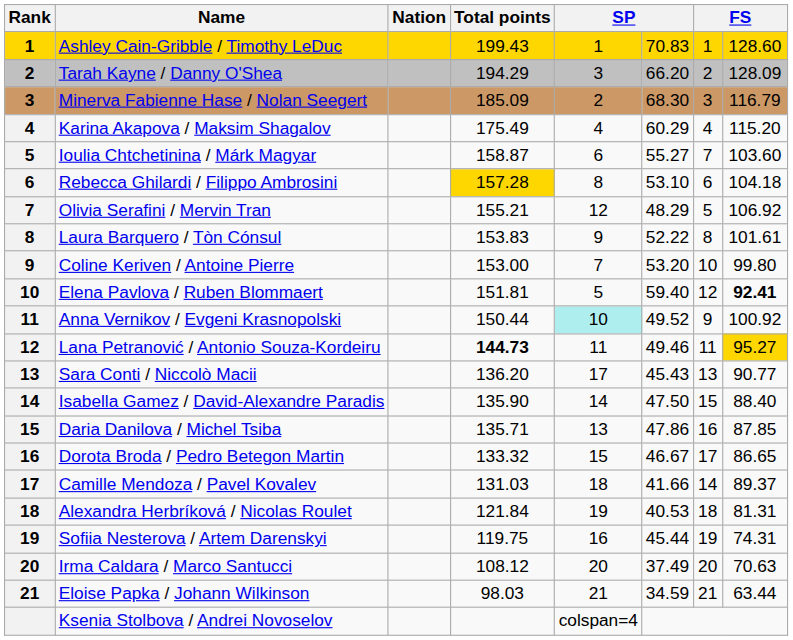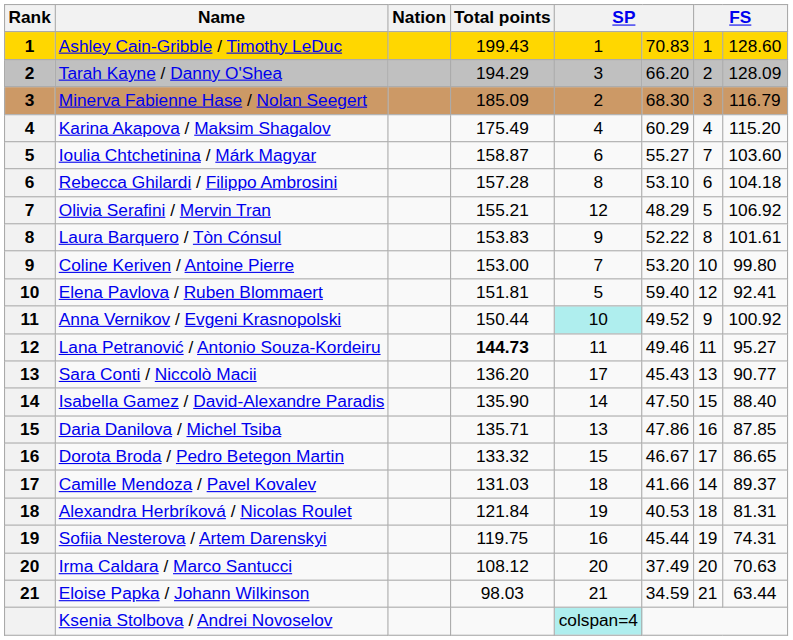 <table class="wikitable sortable">
 <tr>
 <th>Rank</th>
 <th>Name</th>
 <th>Nation</th>
 <th>Total points</th>
 <th colspan="2" width="80px"><a href='#'>SP</a></th>
 <th colspan="2" width="80px"><a href='#'>FS</a></th>
 </tr>
 <tr bgcolor="gold">
 <td align="center"><strong>1</strong></td>
 <td><a href='#'>Ashley Cain-Gribble</a> / <a href='#'>Timothy LeDuc</a></td>
 <td></td>
 <td align="center">199.43</td>
 <td align="center">1</td>
 <td align="center">70.83</td>
 <td align="center">1</td>
 <td align="center">128.60</td>
 </tr>
 <tr bgcolor="silver">
 <td align="center"><strong>2</strong></td>
 <td><a href='#'>Tarah Kayne</a> / <a href='#'>Danny O'Shea</a></td>
 <td></td>
 <td align="center">194.29</td>
 <td align="center">3</td>
 <td align="center">66.20</td>
 <td align="center">2</td>
 <td align="center">128.09</td>
 </tr>
 <tr bgcolor="cc9966">
 <td align="center"><strong>3</strong></td>
 <td><a href='#'>Minerva Fabienne Hase</a> / <a href='#'>Nolan Seegert</a></td>
 <td></td>
 <td align="center">185.09</td>
 <td align="center">2</td>
 <td align="center">68.30</td>
 <td align="center">3</td>
 <td align="center">116.79</td>
 </tr>
 <tr>
 <th>4</th>
 <td><a href='#'>Karina Akapova</a> / <a href='#'>Maksim Shagalov</a></td>
 <td></td>
 <td align="center">175.49</td>
 <td align="center">4</td>
 <td align="center">60.29</td>
 <td align="center">4</td>
 <td align="center">115.20</td>
 </tr>
 <tr>
 <th>5</th>
 <td><a href='#'>Ioulia Chtchetinina</a> / <a href='#'>Márk Magyar</a></td>
 <td></td>
 <td align="center">158.87</td>
 <td align="center">6</td>
 <td align="center">55.27</td>
 <td align="center">7</td>
 <td align="center">103.60</td>
 </tr>
 <tr>
 <th>6</th>
 <td><a href='#'>Rebecca Ghilardi</a> / <a href='#'>Filippo Ambrosini</a></td>
 <td></td>
-<td align="center" style="background: gold;">157.28</td>
+<td align="center">157.28</td>
 <td align="center">8</td>
 <td align="center">53.10</td>
 <td align="center">6</td>
 <td align="center">104.18</td>
 </tr>
 <tr>
 <th>7</th>
 <td><a href='#'>Olivia Serafini</a> / <a href='#'>Mervin Tran</a></td>
 <td></td>
 <td align="center">155.21</td>
 <td align="center">12</td>
 <td align="center">48.29</td>
 <td align="center">5</td>
 <td align="center">106.92</td>
 </tr>
 <tr>
 <th>8</th>
 <td><a href='#'>Laura Barquero</a> / <a href='#'>Tòn Cónsul</a></td>
 <td></td>
 <td align="center">153.83</td>
 <td align="center">9</td>
 <td align="center">52.22</td>
 <td align="center">8</td>
 <td align="center">101.61</td>
 </tr>
 <tr>
 <th>9</th>
 <td><a href='#'>Coline Keriven</a> / <a href='#'>Antoine Pierre</a></td>
 <td></td>
 <td align="center">153.00</td>
 <td align="center">7</td>
 <td align="center">53.20</td>
 <td align="center">10</td>
 <td align="center">99.80</td>
 </tr>
 <tr>
 <th>10</th>
 <td><a href='#'>Elena Pavlova</a> / <a href='#'>Ruben Blommaert</a></td>
 <td></td>
 <td align="center">151.81</td>
 <td align="center">5</td>
 <td align="center">59.40</td>
 <td align="center">12</td>
-<td align="center"><strong>92.41</strong></td>
+<td align="center">92.41</td>
 </tr>
 <tr>
 <th>11</th>
 <td><a href='#'>Anna Vernikov</a> / <a href='#'>Evgeni Krasnopolski</a></td>
 <td></td>
 <td align="center">150.44</td>
 <td align="center" style="background: paleturquoise;">10</td>
 <td align="center">49.52</td>
 <td align="center">9</td>
 <td align="center">100.92</td>
 </tr>
 <tr>
 <th>12</th>
 <td><a href='#'>Lana Petranović</a> / <a href='#'>Antonio Souza-Kordeiru</a></td>
 <td></td>
 <td align="center"><strong>144.73</strong></td>
 <td align="center">11</td>
 <td align="center">49.46</td>
 <td align="center">11</td>
-<td align="center" style="background: gold;">95.27</td>
+<td align="center">95.27</td>
 </tr>
 <tr>
 <th>13</th>
 <td><a href='#'>Sara Conti</a> / <a href='#'>Niccolò Macii</a></td>
 <td></td>
 <td align="center">136.20</td>
 <td align="center">17</td>
 <td align="center">45.43</td>
 <td align="center">13</td>
 <td align="center">90.77</td>
 </tr>
 <tr>
 <th>14</th>
 <td><a href='#'>Isabella Gamez</a> / <a href='#'>David-Alexandre Paradis</a></td>
 <td></td>
 <td align="center">135.90</td>
 <td align="center">14</td>
 <td align="center">47.50</td>
 <td align="center">15</td>
 <td align="center">88.40</td>
 </tr>
 <tr>
 <th>15</th>
 <td><a href='#'>Daria Danilova</a> / <a href='#'>Michel Tsiba</a></td>
 <td></td>
 <td align="center">135.71</td>
 <td align="center">13</td>
 <td align="center">47.86</td>
 <td align="center">16</td>
 <td align="center">87.85</td>
 </tr>
 <tr>
 <th>16</th>
 <td><a href='#'>Dorota Broda</a> / <a href='#'>Pedro Betegon Martin</a></td>
 <td></td>
 <td align="center">133.32</td>
 <td align="center">15</td>
 <td align="center">46.67</td>
 <td align="center">17</td>
 <td align="center">86.65</td>
 </tr>
 <tr>
 <th>17</th>
 <td><a href='#'>Camille Mendoza</a> / <a href='#'>Pavel Kovalev</a></td>
 <td></td>
 <td align="center">131.03</td>
 <td align="center">18</td>
 <td align="center">41.66</td>
 <td align="center">14</td>
 <td align="center">89.37</td>
 </tr>
 <tr>
 <th>18</th>
 <td><a href='#'>Alexandra Herbríková</a> / <a href='#'>Nicolas Roulet</a></td>
 <td></td>
 <td align="center">121.84</td>
 <td align="center">19</td>
 <td align="center">40.53</td>
 <td align="center">18</td>
 <td align="center">81.31</td>
 </tr>
 <tr>
 <th>19</th>
 <td><a href='#'>Sofiia Nesterova</a> / <a href='#'>Artem Darenskyi</a></td>
 <td></td>
 <td align="center">119.75</td>
 <td align="center">16</td>
 <td align="center">45.44</td>
 <td align="center">19</td>
 <td align="center">74.31</td>
 </tr>
 <tr>
 <th>20</th>
 <td><a href='#'>Irma Caldara</a> / <a href='#'>Marco Santucci</a></td>
 <td></td>
 <td align="center">108.12</td>
 <td align="center">20</td>
 <td align="center">37.49</td>
 <td align="center">20</td>
 <td align="center">70.63</td>
 </tr>
 <tr>
 <th>21</th>
 <td><a href='#'>Eloise Papka</a> / <a href='#'>Johann Wilkinson</a></td>
 <td></td>
 <td align="center">98.03</td>
 <td align="center">21</td>
 <td align="center">34.59</td>
 <td align="center">21</td>
 <td align="center">63.44</td>
 </tr>
 <tr>
 <th></th>
 <td><a href='#'>Ksenia Stolbova</a> / <a href='#'>Andrei Novoselov</a></td>
 <td></td>
 <td></td>
-<td>colspan=4 </td>
+<td style="background: paleturquoise;">colspan=4 </td>
 </tr>
 </table>
